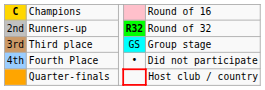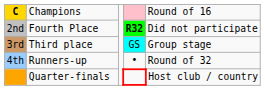 <table class=wikitable style="text-align:center;font-size:85%">
 <tr>
 <td bgcolor=gold><strong>C</strong></td>
 <td width=100 align=left>Champions</td>
 <td rowspan=5></td>
 <td bgcolor=pink></td>
 <td align=left>Round of 16</td>
 </tr>
 <tr>
 <td bgcolor=silver>2nd</td>
-<td align=left>Runners-up</td>
+<td align=left>Fourth Place</td>
 <td bgcolor=lime><strong>R32</strong></td>
-<td align=left>Round of 32</td>
+<td align=left>Did not participate</td>
 </tr>
 <tr>
 <td bgcolor=#c96>3rd</td>
 <td align=left>Third place</td>
 <td bgcolor=cyan>GS</td>
 <td align=left>Group stage</td>
 </tr>
 <tr>
 <td bgcolor=#9acdff>4th</td>
-<td align=left>Fourth Place</td>
+<td align=left>Runners-up</td>
 <td>•</td>
-<td align=left>Did not participate</td>
+<td align=left>Round of 32</td>
 </tr>
 <tr>
 <td bgcolor=orange></td>
 <td width=100 align=left>Quarter-finals</td>
 <td style="border:2.5px solid red"></td>
 <td>Host club / country</td>
 </tr>
 </table>
